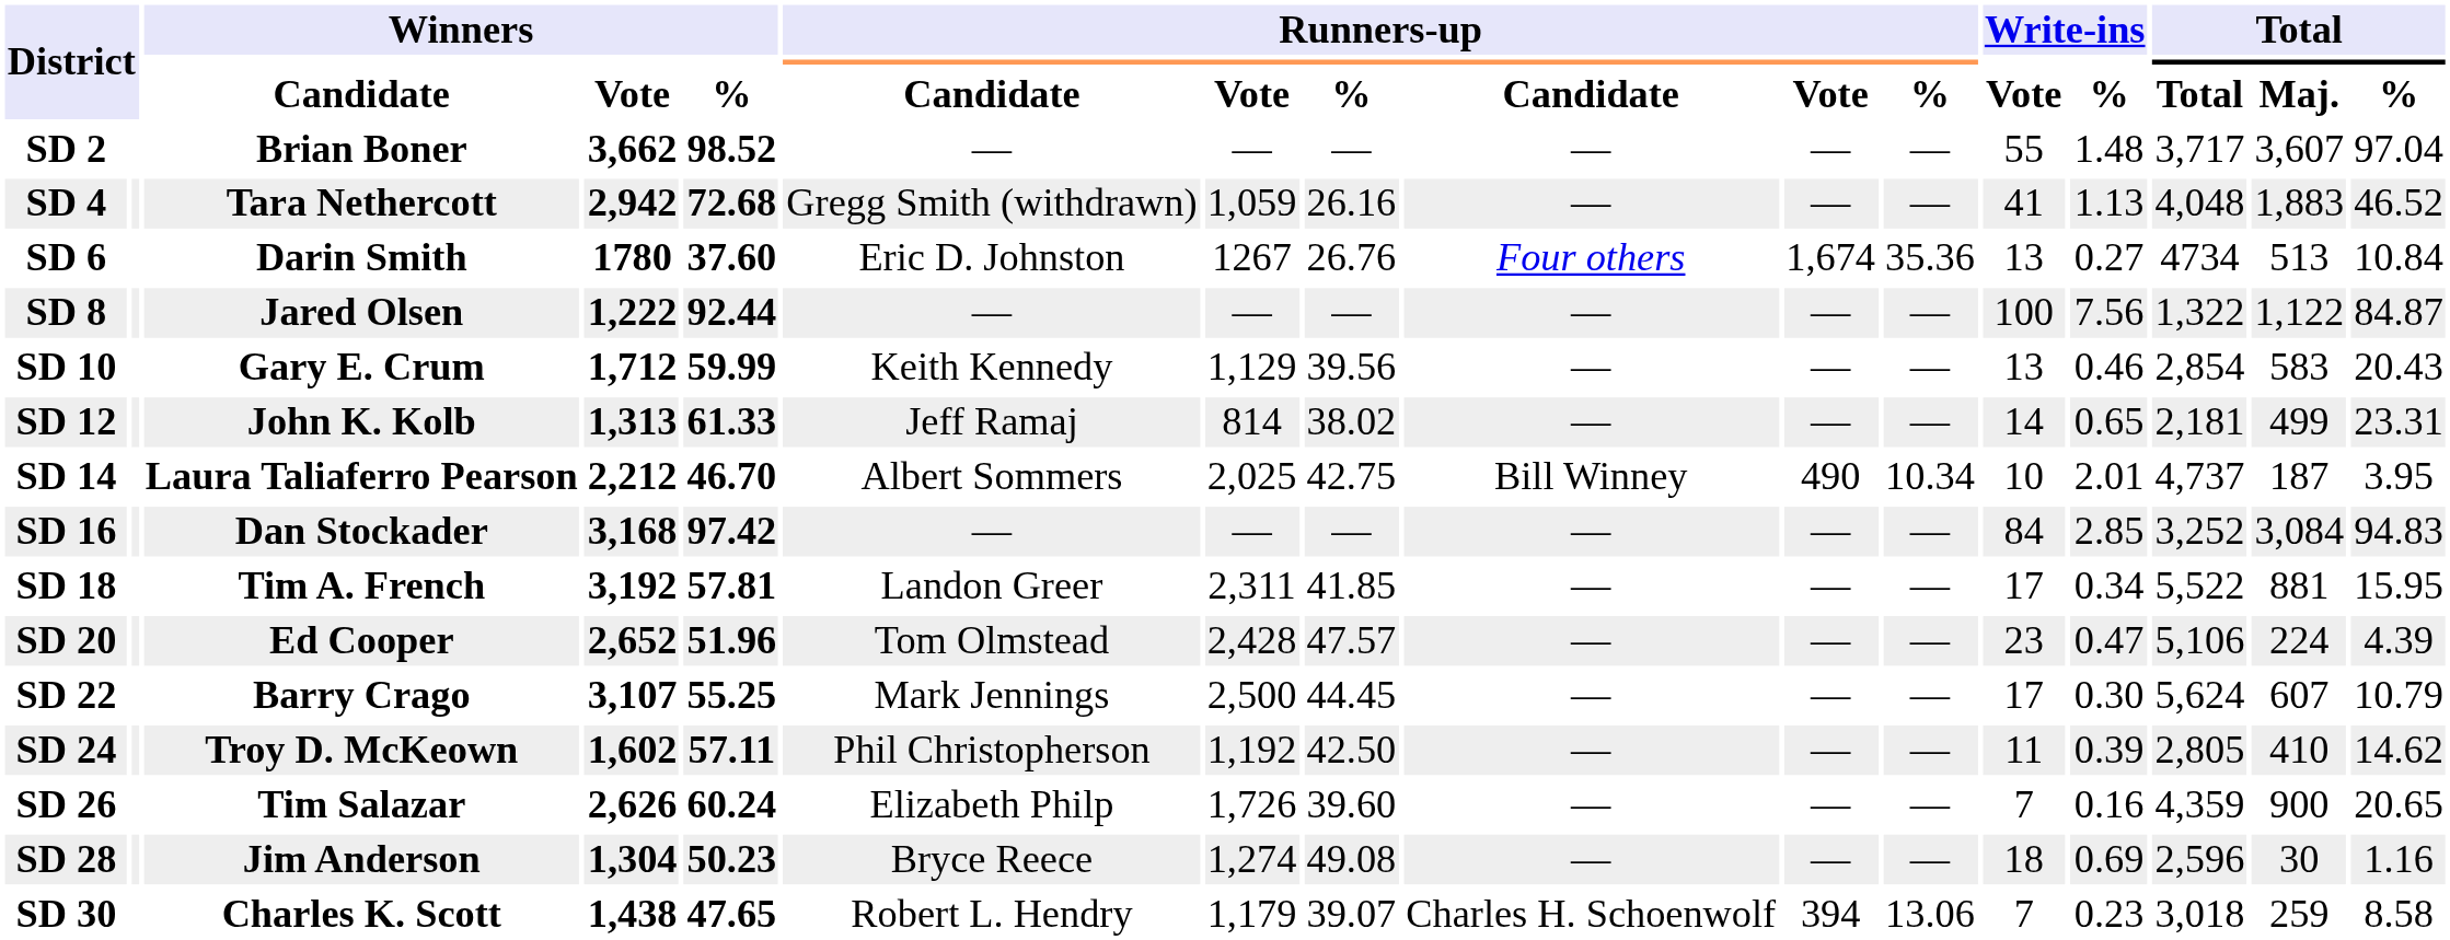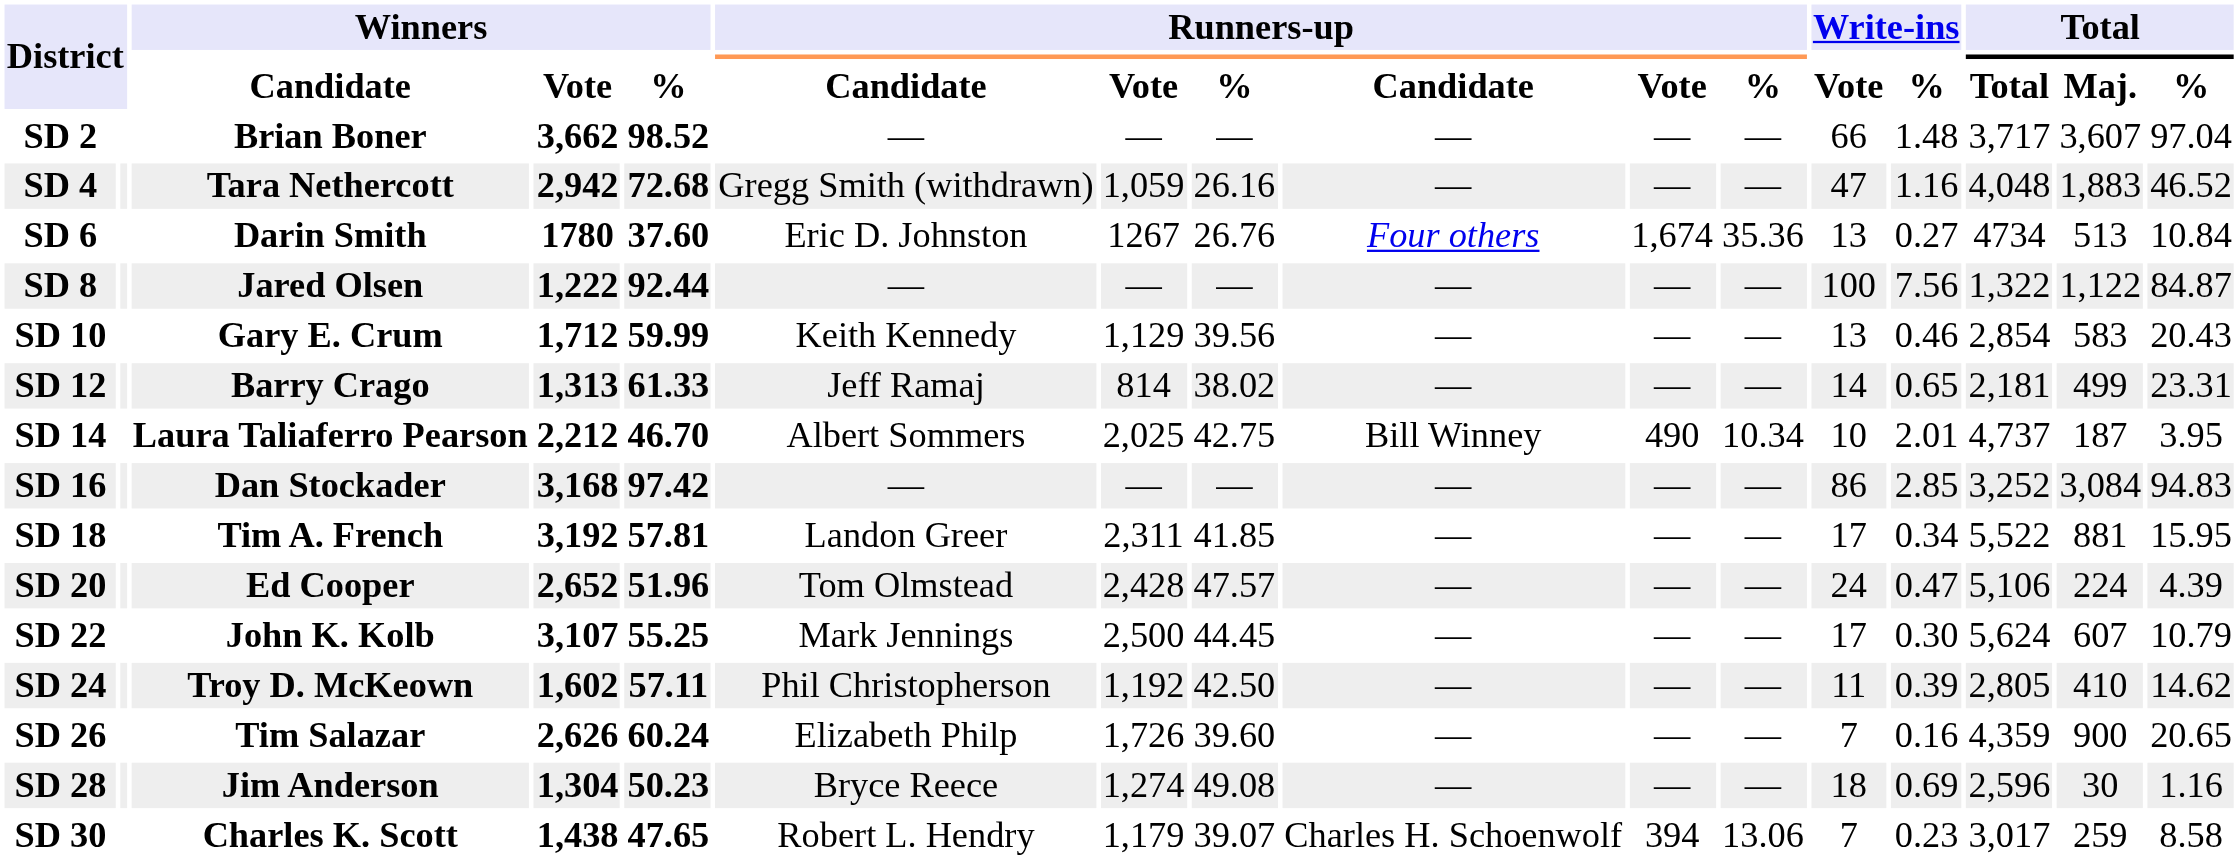 <table class="toccolours sortable" style="text-align:center;">
 <tr style="background:lavender">
 <th rowspan="3" colspan="2">District</th>
 <th colspan=3>Winners</th>
 <th colspan=6>Runners-up</th>
 <th colspan=2><a href='#'>Write-ins</a></th>
 <th colspan=3>Total</th>
 </tr>
 <tr>
 <th colspan=3 style="background-color:"></th>
 <th colspan=6 style="background-color:#FF9955"></th>
 <th colspan=2 style="background-color:#ffffff"></th>
 <th colspan=3 style="background-color:#000000"></th>
 </tr>
 <tr>
 <th align="center">Candidate</th>
 <th align="center">Vote</th>
 <th align="center">%</th>
 <th align="center">Candidate</th>
 <th align="center">Vote</th>
 <th align="center">%</th>
 <th align="center">Candidate</th>
 <th align="center">Vote</th>
 <th align="center">%</th>
 <th align="center">Vote</th>
 <th align="center">%</th>
 <th align="center">Total</th>
 <th align="center">Maj.</th>
 <th align="center">%</th>
 </tr>
 <tr>
 <th>SD 2</th>
 <td style="background-color:"></td>
 <td><strong>Brian Boner</strong></td>
 <td><strong>3,662</strong></td>
 <td><strong>98.52</strong></td>
 <td>—</td>
 <td>—</td>
 <td>—</td>
 <td>—</td>
 <td>—</td>
 <td>—</td>
-<td>55</td>
+<td>66</td>
 <td>1.48</td>
 <td>3,717</td>
 <td>3,607</td>
 <td>97.04</td>
 </tr>
 <tr style="background:#EEEEEE;">
 <th>SD 4</th>
 <td style="background-color:"></td>
 <td><strong>Tara Nethercott</strong></td>
 <td><strong>2,942</strong></td>
 <td><strong>72.68</strong></td>
 <td>Gregg Smith (withdrawn)</td>
 <td>1,059</td>
 <td>26.16</td>
 <td>—</td>
 <td>—</td>
 <td>—</td>
-<td>41</td>
-<td>1.13</td>
+<td>47</td>
+<td>1.16</td>
 <td>4,048</td>
 <td>1,883</td>
 <td>46.52</td>
 </tr>
 <tr>
 <th>SD 6</th>
 <td style="background-color:"></td>
 <td><strong>Darin Smith</strong></td>
 <td><strong>1780</strong></td>
 <td><strong>37.60</strong></td>
 <td>Eric D. Johnston</td>
 <td>1267</td>
 <td>26.76</td>
 <td><em><a href='#'>Four others</a></em></td>
 <td>1,674</td>
 <td>35.36</td>
 <td>13</td>
 <td>0.27</td>
 <td>4734</td>
 <td>513</td>
 <td>10.84</td>
 </tr>
 <tr style="background:#EEEEEE;">
 <th>SD 8</th>
 <td style="background-color:"></td>
 <td><strong>Jared Olsen</strong></td>
 <td><strong>1,222</strong></td>
 <td><strong>92.44</strong></td>
 <td>—</td>
 <td>—</td>
 <td>—</td>
 <td>—</td>
 <td>—</td>
 <td>—</td>
 <td>100</td>
 <td>7.56</td>
 <td>1,322</td>
 <td>1,122</td>
 <td>84.87</td>
 </tr>
 <tr>
 <th>SD 10</th>
 <td style="background-color:"></td>
 <td><strong>Gary E. Crum</strong></td>
 <td><strong>1,712</strong></td>
 <td><strong>59.99</strong></td>
 <td>Keith Kennedy</td>
 <td>1,129</td>
 <td>39.56</td>
 <td>—</td>
 <td>—</td>
 <td>—</td>
 <td>13</td>
 <td>0.46</td>
 <td>2,854</td>
 <td>583</td>
 <td>20.43</td>
 </tr>
 <tr style="background:#EEEEEE;">
 <th>SD 12</th>
 <td style="background-color:"></td>
-<td><strong>John K. Kolb</strong></td>
+<td><strong>Barry Crago</strong></td>
 <td><strong>1,313</strong></td>
 <td><strong>61.33</strong></td>
 <td>Jeff Ramaj</td>
 <td>814</td>
 <td>38.02</td>
 <td>—</td>
 <td>—</td>
 <td>—</td>
 <td>14</td>
 <td>0.65</td>
 <td>2,181</td>
 <td>499</td>
 <td>23.31</td>
 </tr>
 <tr>
 <th>SD 14</th>
 <td style="background-color:"></td>
 <td><strong>Laura Taliaferro Pearson</strong></td>
 <td><strong>2,212</strong></td>
 <td><strong>46.70</strong></td>
 <td>Albert Sommers</td>
 <td>2,025</td>
 <td>42.75</td>
 <td>Bill Winney</td>
 <td>490</td>
 <td>10.34</td>
 <td>10</td>
 <td>2.01</td>
 <td>4,737</td>
 <td>187</td>
 <td>3.95</td>
 </tr>
 <tr style="background:#EEEEEE;">
 <th>SD 16</th>
 <td style="background-color:"></td>
 <td><strong>Dan Stockader</strong></td>
 <td><strong>3,168</strong></td>
 <td><strong>97.42</strong></td>
 <td>—</td>
 <td>—</td>
 <td>—</td>
 <td>—</td>
 <td>—</td>
 <td>—</td>
-<td>84</td>
+<td>86</td>
 <td>2.85</td>
 <td>3,252</td>
 <td>3,084</td>
 <td>94.83</td>
 </tr>
 <tr>
 <th>SD 18</th>
 <td style="background-color:"></td>
 <td><strong>Tim A. French</strong></td>
 <td><strong>3,192</strong></td>
 <td><strong>57.81</strong></td>
 <td>Landon Greer</td>
 <td>2,311</td>
 <td>41.85</td>
 <td>—</td>
 <td>—</td>
 <td>—</td>
 <td>17</td>
 <td>0.34</td>
 <td>5,522</td>
 <td>881</td>
 <td>15.95</td>
 </tr>
 <tr style="background:#EEEEEE;">
 <th>SD 20</th>
 <td style="background-color:"></td>
 <td><strong>Ed Cooper</strong></td>
 <td><strong>2,652</strong></td>
 <td><strong>51.96</strong></td>
 <td>Tom Olmstead</td>
 <td>2,428</td>
 <td>47.57</td>
 <td>—</td>
 <td>—</td>
 <td>—</td>
-<td>23</td>
+<td>24</td>
 <td>0.47</td>
 <td>5,106</td>
 <td>224</td>
 <td>4.39</td>
 </tr>
 <tr>
 <th>SD 22</th>
 <td style="background-color:"></td>
-<td><strong>Barry Crago</strong></td>
+<td><strong>John K. Kolb</strong></td>
 <td><strong>3,107</strong></td>
 <td><strong>55.25</strong></td>
 <td>Mark Jennings</td>
 <td>2,500</td>
 <td>44.45</td>
 <td>—</td>
 <td>—</td>
 <td>—</td>
 <td>17</td>
 <td>0.30</td>
 <td>5,624</td>
 <td>607</td>
 <td>10.79</td>
 </tr>
 <tr style="background:#EEEEEE;">
 <th>SD 24</th>
 <td style="background-color:"></td>
 <td><strong>Troy D. McKeown</strong></td>
 <td><strong>1,602</strong></td>
 <td><strong>57.11</strong></td>
 <td>Phil Christopherson</td>
 <td>1,192</td>
 <td>42.50</td>
 <td>—</td>
 <td>—</td>
 <td>—</td>
 <td>11</td>
 <td>0.39</td>
 <td>2,805</td>
 <td>410</td>
 <td>14.62</td>
 </tr>
 <tr>
 <th>SD 26</th>
 <td style="background-color:"></td>
 <td><strong>Tim Salazar</strong></td>
 <td><strong>2,626</strong></td>
 <td><strong>60.24</strong></td>
 <td>Elizabeth Philp</td>
 <td>1,726</td>
 <td>39.60</td>
 <td>—</td>
 <td>—</td>
 <td>—</td>
 <td>7</td>
 <td>0.16</td>
 <td>4,359</td>
 <td>900</td>
 <td>20.65</td>
 </tr>
 <tr style="background:#EEEEEE;">
 <th>SD 28</th>
 <td style="background-color:"></td>
 <td><strong>Jim Anderson</strong></td>
 <td><strong>1,304</strong></td>
 <td><strong>50.23</strong></td>
 <td>Bryce Reece</td>
 <td>1,274</td>
 <td>49.08</td>
 <td>—</td>
 <td>—</td>
 <td>—</td>
 <td>18</td>
 <td>0.69</td>
 <td>2,596</td>
 <td>30</td>
 <td>1.16</td>
 </tr>
 <tr>
 <th>SD 30</th>
 <td style="background-color:"></td>
 <td><strong>Charles K. Scott</strong></td>
 <td><strong>1,438</strong></td>
 <td><strong>47.65</strong></td>
 <td>Robert L. Hendry</td>
 <td>1,179</td>
 <td>39.07</td>
 <td>Charles H. Schoenwolf</td>
 <td>394</td>
 <td>13.06</td>
 <td>7</td>
 <td>0.23</td>
-<td>3,018</td>
+<td>3,017</td>
 <td>259</td>
 <td>8.58</td>
 </tr>
 </table>
